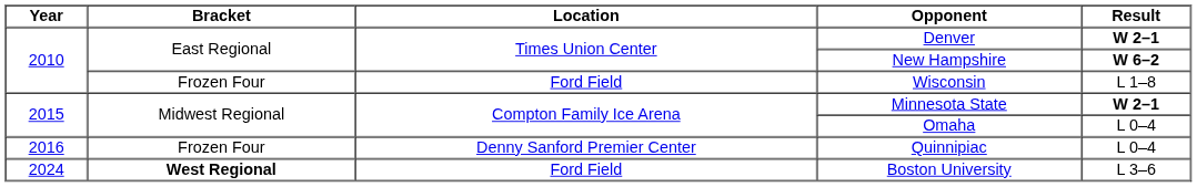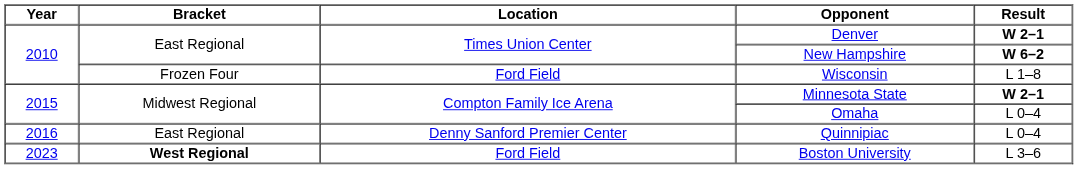 <table cellpadding="1" border="1" cellspacing="0" style="text-align:center; width:75%;">
 <tr>
 <th>Year</th>
 <th>Bracket</th>
 <th>Location</th>
 <th>Opponent</th>
 <th>Result</th>
 </tr>
 <tr>
 <td rowspan=3><a href='#'>2010</a></td>
 <td rowspan=2>East Regional</td>
 <td rowspan=2><a href='#'>Times Union Center</a></td>
 <td><a href='#'>Denver</a></td>
 <td><strong>W 2–1</strong></td>
 </tr>
 <tr>
 <td><a href='#'>New Hampshire</a></td>
 <td><strong>W 6–2</strong></td>
 </tr>
 <tr>
 <td>Frozen Four</td>
 <td><a href='#'>Ford Field</a></td>
 <td><a href='#'>Wisconsin</a></td>
 <td>L 1–8</td>
 </tr>
 <tr>
 <td rowspan=2><a href='#'>2015</a></td>
 <td rowspan=2>Midwest Regional</td>
 <td rowspan=2><a href='#'>Compton Family Ice Arena</a></td>
 <td><a href='#'>Minnesota State</a></td>
 <td><strong>W 2–1</strong></td>
 </tr>
 <tr>
 <td><a href='#'>Omaha</a></td>
 <td>L 0–4</td>
 </tr>
 <tr>
 <td><a href='#'>2016</a></td>
-<td>Frozen Four</td>
+<td>East Regional</td>
 <td><a href='#'>Denny Sanford Premier Center</a></td>
 <td><a href='#'>Quinnipiac</a></td>
 <td>L 0–4</td>
 </tr>
 <tr>
-<td><a href='#'>2024</a></td>
+<td><a href='#'>2023</a></td>
 <td><strong>West Regional</strong></td>
 <td><a href='#'>Ford Field</a></td>
 <td><a href='#'>Boston University</a></td>
 <td>L 3–6</td>
 </tr>
 </table>
